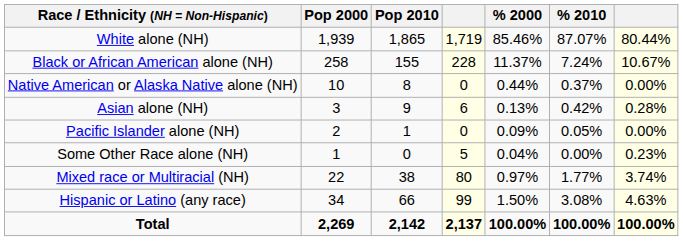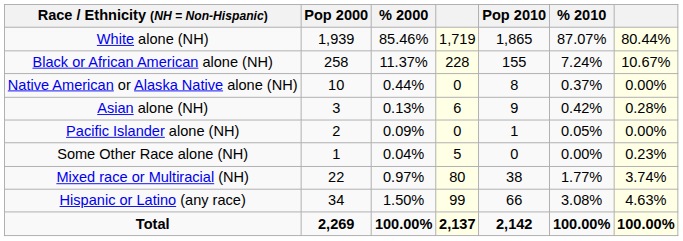 <table class="wikitable" style="text-align:center;">
 <tr>
 <th>Race / Ethnicity <small>(<em>NH = Non-Hispanic</em>)</small></th>
 <th>Pop 2000</th>
+<th>% 2000</th>
+<th></th>
 <th>Pop 2010</th>
-<th></th>
-<th>% 2000</th>
 <th>% 2010</th>
 <th></th>
 </tr>
 <tr>
 <td><a href='#'>White</a> alone (NH)</td>
 <td>1,939</td>
+<td>85.46%</td>
+<td style='background: #ffffe6;'>1,719</td>
 <td>1,865</td>
-<td style='background: #ffffe6;'>1,719</td>
-<td>85.46%</td>
 <td>87.07%</td>
 <td style='background: #ffffe6;'>80.44%</td>
 </tr>
 <tr>
 <td><a href='#'>Black or African American</a> alone (NH)</td>
 <td>258</td>
+<td>11.37%</td>
+<td style='background: #ffffe6;'>228</td>
 <td>155</td>
-<td style='background: #ffffe6;'>228</td>
-<td>11.37%</td>
 <td>7.24%</td>
 <td style='background: #ffffe6;'>10.67%</td>
 </tr>
 <tr>
 <td><a href='#'>Native American</a> or <a href='#'>Alaska Native</a> alone (NH)</td>
 <td>10</td>
+<td>0.44%</td>
+<td style='background: #ffffe6;'>0</td>
 <td>8</td>
-<td style='background: #ffffe6;'>0</td>
-<td>0.44%</td>
 <td>0.37%</td>
 <td style='background: #ffffe6;'>0.00%</td>
 </tr>
 <tr>
 <td><a href='#'>Asian</a> alone (NH)</td>
 <td>3</td>
+<td>0.13%</td>
+<td style='background: #ffffe6;'>6</td>
 <td>9</td>
-<td style='background: #ffffe6;'>6</td>
-<td>0.13%</td>
 <td>0.42%</td>
 <td style='background: #ffffe6;'>0.28%</td>
 </tr>
 <tr>
 <td><a href='#'>Pacific Islander</a> alone (NH)</td>
 <td>2</td>
+<td>0.09%</td>
+<td style='background: #ffffe6;'>0</td>
 <td>1</td>
-<td style='background: #ffffe6;'>0</td>
-<td>0.09%</td>
 <td>0.05%</td>
 <td style='background: #ffffe6;'>0.00%</td>
 </tr>
 <tr>
 <td>Some Other Race alone (NH)</td>
 <td>1</td>
+<td>0.04%</td>
+<td style='background: #ffffe6;'>5</td>
 <td>0</td>
-<td style='background: #ffffe6;'>5</td>
-<td>0.04%</td>
 <td>0.00%</td>
 <td style='background: #ffffe6;'>0.23%</td>
 </tr>
 <tr>
 <td><a href='#'>Mixed race or Multiracial</a> (NH)</td>
 <td>22</td>
+<td>0.97%</td>
+<td style='background: #ffffe6;'>80</td>
 <td>38</td>
-<td style='background: #ffffe6;'>80</td>
-<td>0.97%</td>
 <td>1.77%</td>
 <td style='background: #ffffe6;'>3.74%</td>
 </tr>
 <tr>
 <td><a href='#'>Hispanic or Latino</a> (any race)</td>
 <td>34</td>
+<td>1.50%</td>
+<td style='background: #ffffe6;'>99</td>
 <td>66</td>
-<td style='background: #ffffe6;'>99</td>
-<td>1.50%</td>
 <td>3.08%</td>
 <td style='background: #ffffe6;'>4.63%</td>
 </tr>
 <tr>
 <td><strong>Total</strong></td>
 <td><strong>2,269</strong></td>
+<td><strong>100.00%</strong></td>
+<td style='background: #ffffe6;'><strong>2,137</strong></td>
 <td><strong>2,142</strong></td>
-<td style='background: #ffffe6;'><strong>2,137</strong></td>
-<td><strong>100.00%</strong></td>
 <td><strong>100.00%</strong></td>
 <td style='background: #ffffe6;'><strong>100.00%</strong></td>
 </tr>
 </table>
